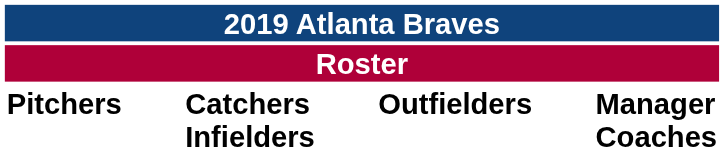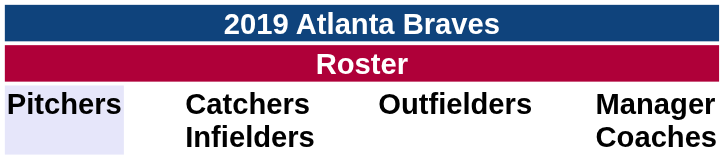 <table class="toccolours" style="font-size: 95%;">
 <tr>
 <th colspan="10" style="background:#0f437c; color:#fff; text-align:center;">2019 Atlanta Braves</th>
 </tr>
 <tr>
 <td colspan="10" style="background:#af0039; color:white; text-align:center;"><strong>Roster</strong></td>
 </tr>
 <tr>
-<td valign="top"><strong>Pitchers</strong><br>                             </td>
+<td valign="top" style="background: lavender;"><strong>Pitchers</strong><br>                             </td>
 <td style="width:25px;"></td>
 <td valign="top"><strong>Catchers</strong><br>     <strong>Infielders</strong>      </td>
 <td style="width:25px;"></td>
 <td valign="top"><strong>Outfielders</strong><br>        </td>
 <td style="width:25px;"></td>
 <td valign="top"><strong>Manager</strong><br> <strong>Coaches</strong>                      </td>
 </tr>
 </table>
